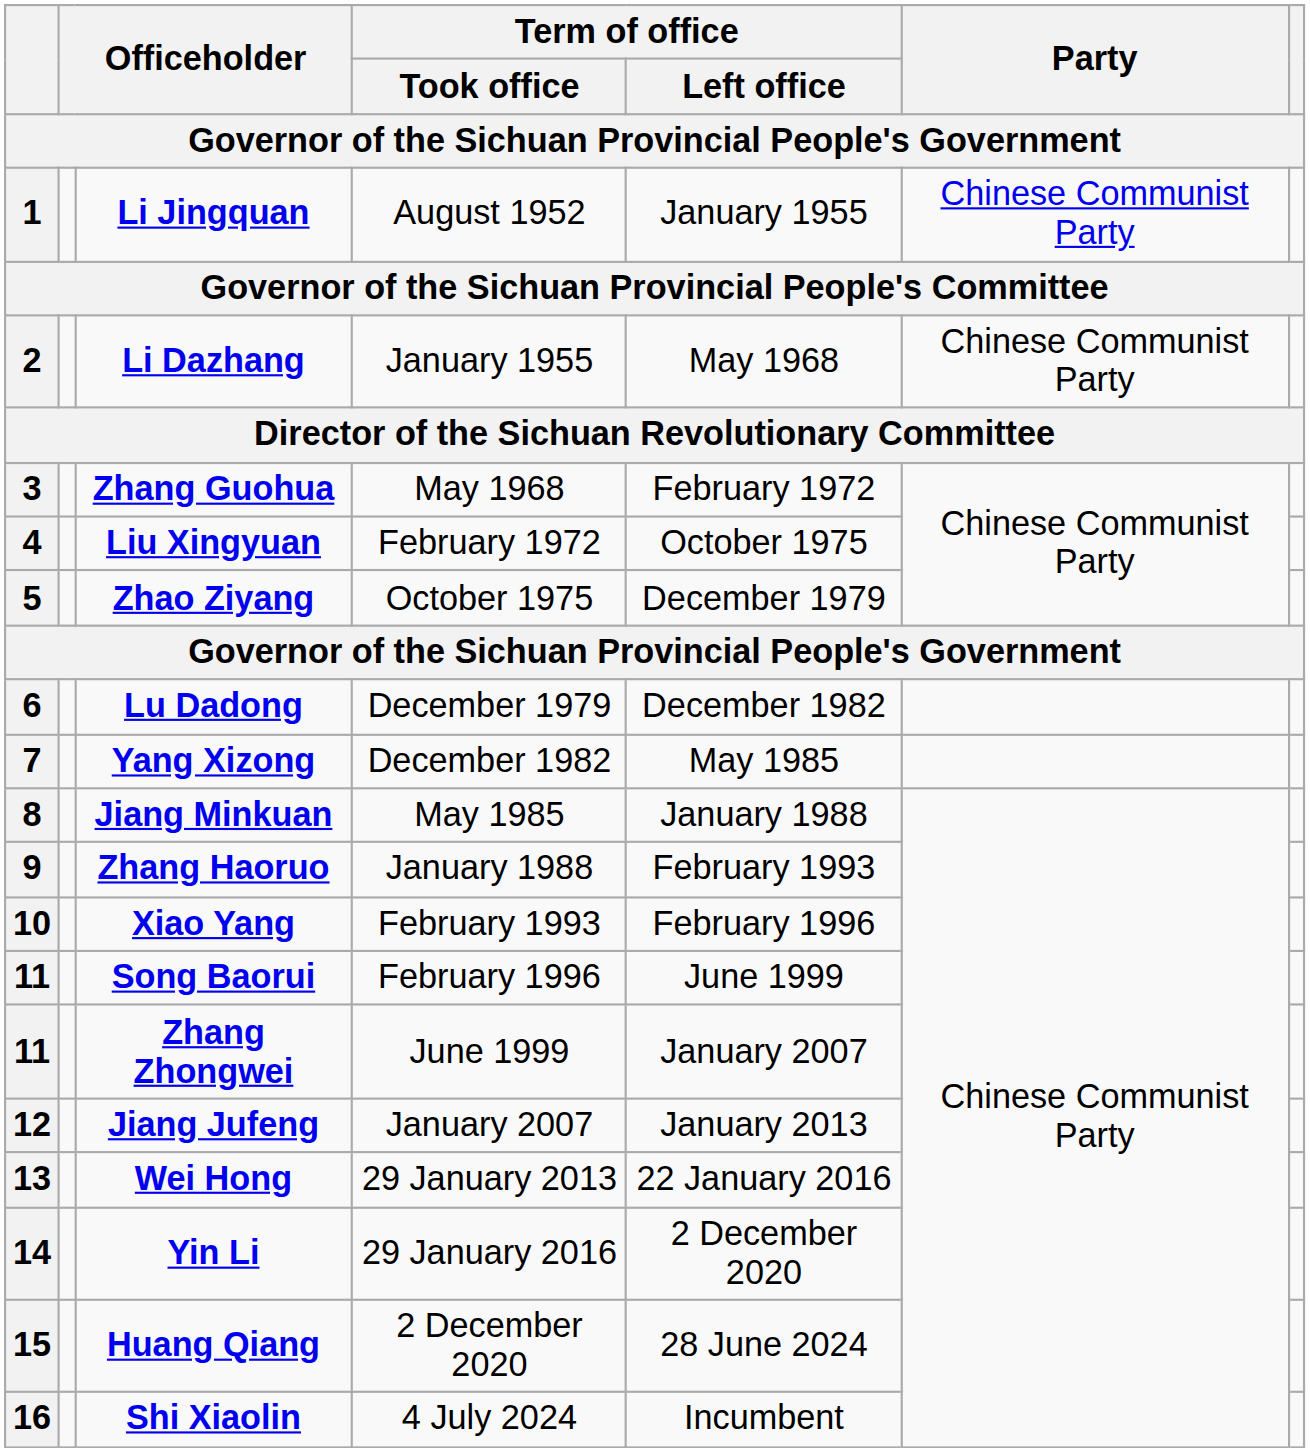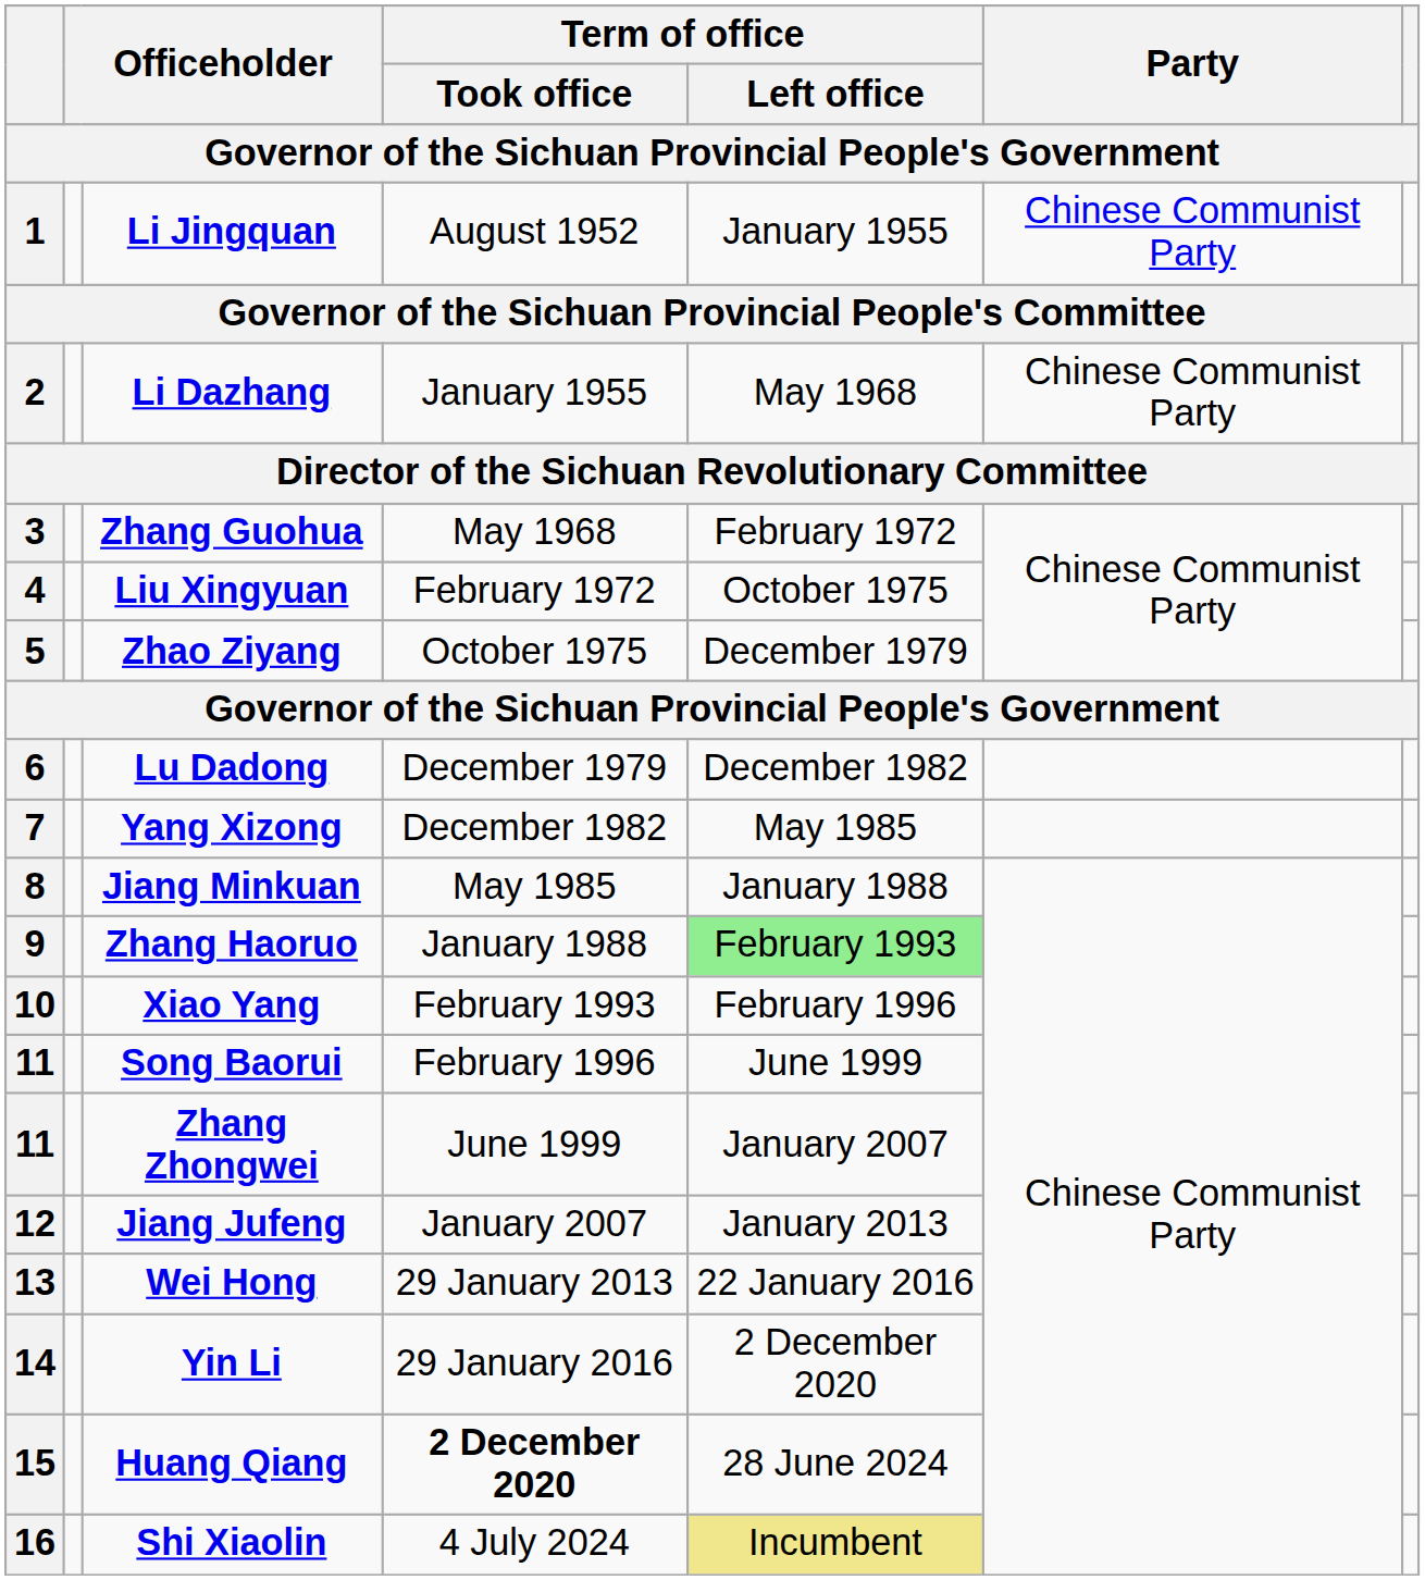 <table class="wikitable" style="text-align:center">
 <tr>
 <th rowspan="2"></th>
 <th colspan="2" rowspan="2">Officeholder</th>
 <th colspan="2">Term of office</th>
 <th rowspan="2">Party</th>
 <th rowspan="2"></th>
 </tr>
 <tr>
 <th>Took office</th>
 <th>Left office</th>
 </tr>
 <tr>
 <th colspan="7">Governor of the Sichuan Provincial People's Government</th>
 </tr>
 <tr>
 <th>1</th>
 <td></td>
 <td><strong><a href='#'>Li Jingquan</a></strong><br></td>
 <td>August 1952</td>
 <td>January 1955</td>
 <td><a href='#'>Chinese Communist Party</a></td>
 <td></td>
 </tr>
 <tr>
 <th colspan="7">Governor of the Sichuan Provincial People's Committee</th>
 </tr>
 <tr>
 <th>2</th>
 <td></td>
 <td><strong><a href='#'>Li Dazhang</a></strong><br></td>
 <td>January 1955</td>
 <td>May 1968</td>
 <td>Chinese Communist Party</td>
 <td></td>
 </tr>
 <tr>
 <th colspan="7">Director of the Sichuan Revolutionary Committee</th>
 </tr>
 <tr>
 <th>3</th>
 <td></td>
 <td><strong><a href='#'>Zhang Guohua</a></strong><br></td>
 <td>May 1968</td>
 <td>February 1972</td>
 <td rowspan="3">Chinese Communist Party</td>
 <td></td>
 </tr>
 <tr>
 <th>4</th>
 <td></td>
 <td><strong><a href='#'>Liu Xingyuan</a></strong><br></td>
 <td>February 1972</td>
 <td>October 1975</td>
 <td></td>
 </tr>
 <tr>
 <th>5</th>
 <td></td>
 <td><strong><a href='#'>Zhao Ziyang</a></strong><br></td>
 <td>October 1975</td>
 <td>December 1979</td>
 <td></td>
 </tr>
 <tr>
 <th colspan="7">Governor of the Sichuan Provincial People's Government</th>
 </tr>
 <tr>
 <th>6</th>
 <td></td>
 <td><strong><a href='#'>Lu Dadong</a></strong><br></td>
 <td>December 1979</td>
 <td>December 1982</td>
 <td></td>
 <td></td>
 </tr>
 <tr>
 <th>7</th>
 <td></td>
 <td><strong><a href='#'>Yang Xizong</a></strong><br></td>
 <td>December 1982</td>
 <td>May 1985</td>
 <td></td>
 <td></td>
 </tr>
 <tr>
 <th>8</th>
 <td></td>
 <td><strong><a href='#'>Jiang Minkuan</a></strong><br></td>
 <td>May 1985</td>
 <td>January 1988</td>
 <td rowspan="10">Chinese Communist Party</td>
 <td></td>
 </tr>
 <tr>
 <th>9</th>
 <td></td>
 <td><strong><a href='#'>Zhang Haoruo</a></strong><br></td>
 <td>January 1988</td>
-<td>February 1993</td>
+<td style="background: lightgreen;">February 1993</td>
 <td></td>
 </tr>
 <tr>
 <th>10</th>
 <td></td>
 <td><strong><a href='#'>Xiao Yang</a></strong><br></td>
 <td>February 1993</td>
 <td>February 1996</td>
 <td></td>
 </tr>
 <tr>
 <th>11</th>
 <td></td>
 <td><strong><a href='#'>Song Baorui</a></strong><br></td>
 <td>February 1996</td>
 <td>June 1999</td>
 <td></td>
 </tr>
 <tr>
 <th>11</th>
 <td></td>
 <td><strong><a href='#'>Zhang Zhongwei</a></strong><br></td>
 <td>June 1999</td>
 <td>January 2007</td>
 <td></td>
 </tr>
 <tr>
 <th>12</th>
 <td></td>
 <td><strong><a href='#'>Jiang Jufeng</a></strong><br></td>
 <td>January 2007</td>
 <td>January 2013</td>
 <td></td>
 </tr>
 <tr>
 <th>13</th>
 <td></td>
 <td><strong><a href='#'>Wei Hong</a></strong><br></td>
 <td>29 January 2013</td>
 <td>22 January 2016</td>
 <td></td>
 </tr>
 <tr>
 <th>14</th>
 <td></td>
 <td><strong><a href='#'>Yin Li</a></strong><br></td>
 <td>29 January 2016</td>
 <td>2 December 2020</td>
 <td></td>
 </tr>
 <tr>
 <th>15</th>
 <td></td>
 <td><strong><a href='#'>Huang Qiang</a></strong><br></td>
-<td>2 December 2020</td>
+<td><strong>2 December 2020</strong></td>
 <td>28 June 2024</td>
 <td></td>
 </tr>
 <tr>
 <th>16</th>
 <td></td>
 <td><strong><a href='#'>Shi Xiaolin</a></strong><br></td>
 <td>4 July 2024</td>
-<td>Incumbent</td>
+<td style="background: khaki;">Incumbent</td>
 <td></td>
 </tr>
 </table>
